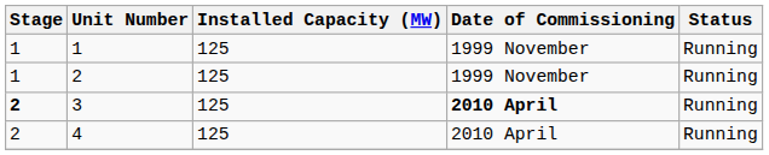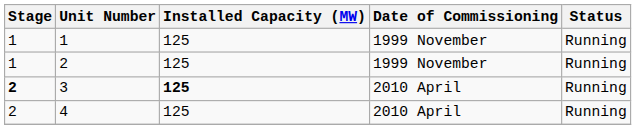 <table class="sortable wikitable">
 <tr>
 <th>Stage</th>
 <th>Unit Number</th>
 <th>Installed Capacity (<a href='#'>MW</a>)</th>
 <th>Date of Commissioning</th>
 <th>Status</th>
 </tr>
 <tr>
 <td>1</td>
 <td>1</td>
 <td>125</td>
 <td>1999 November</td>
 <td>Running</td>
 </tr>
 <tr>
 <td>1</td>
 <td>2</td>
 <td>125</td>
 <td>1999 November</td>
 <td>Running</td>
 </tr>
 <tr>
 <td><strong>2</strong></td>
 <td>3</td>
-<td>125</td>
-<td><strong>2010 April</strong></td>
+<td><strong>125</strong></td>
+<td>2010 April</td>
 <td>Running</td>
 </tr>
 <tr>
 <td>2</td>
 <td>4</td>
 <td>125</td>
 <td>2010 April</td>
 <td>Running</td>
 </tr>
 <tr>
 </tr>
 </table>
